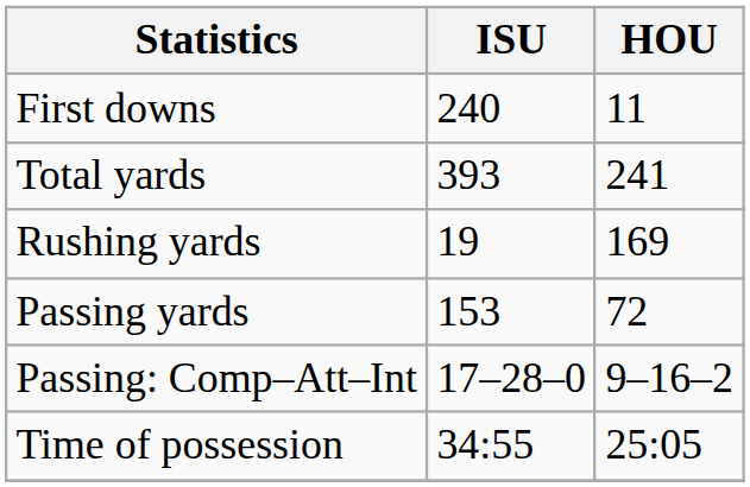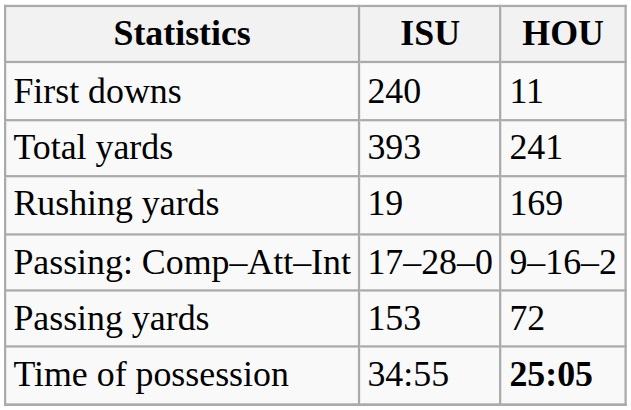 <table class="wikitable" style="float: left;">
 <tr>
 <th>Statistics</th>
 <th>ISU</th>
 <th>HOU</th>
 </tr>
 <tr>
 <td>First downs</td>
 <td>240</td>
 <td>11</td>
 </tr>
 <tr>
 <td>Total yards</td>
 <td>393</td>
 <td>241</td>
 </tr>
 <tr>
 <td>Rushing yards</td>
 <td>19</td>
 <td>169</td>
 </tr>
 <tr>
+<td>Passing: Comp–Att–Int</td>
+<td>17–28–0</td>
+<td>9–16–2</td>
+</tr>
+<tr>
 <td>Passing yards</td>
 <td>153</td>
 <td>72</td>
 </tr>
 <tr>
-<td>Passing: Comp–Att–Int</td>
-<td>17–28–0</td>
-<td>9–16–2</td>
-</tr>
-<tr>
 <td>Time of possession</td>
 <td>34:55</td>
-<td>25:05</td>
+<td><strong>25:05</strong></td>
 </tr>
 <tr>
 </tr>
 </table>
